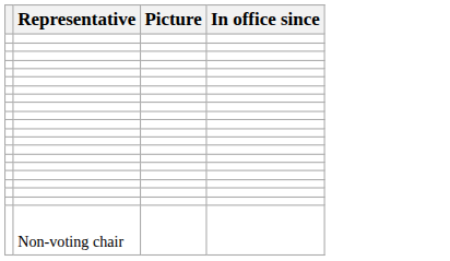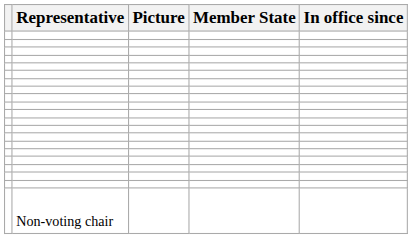 <table class="wikitable sortable"  style="background:white;;">
 <tr>
 <th align=left class=unsortable></th>
 <th align=left>Representative</th>
 <th align=left width=50px class=unsortable>Picture</th>
+<th align=left>Member State</th>
 <th align=left>In office since</th>
 </tr>
 <tr>
 <td style="background-color: "></td>
 <td></td>
 <td align=center></td>
 <td></td>
-</tr>
-<tr>
-<td style="background-color: "></td>
-<td></td>
-<td align=center></td>
 <td></td>
 </tr>
 <tr>
 <td style="background-color: "></td>
 <td></td>
 <td align=center></td>
 <td></td>
-</tr>
-<tr>
-<td style="background-color: "></td>
-<td></td>
-<td align=center></td>
 <td></td>
 </tr>
 <tr>
 <td style="background-color: "></td>
 <td></td>
 <td align=center></td>
 <td></td>
-</tr>
-<tr>
-<td style="background-color: "></td>
-<td></td>
-<td align=center></td>
 <td></td>
 </tr>
 <tr>
 <td style="background-color: "></td>
 <td></td>
 <td align=center></td>
 <td></td>
-</tr>
-<tr>
-<td style="background-color: "></td>
-<td></td>
-<td align=center></td>
 <td></td>
 </tr>
 <tr>
 <td style="background-color: "></td>
 <td></td>
 <td align=center></td>
 <td></td>
+<td></td>
 </tr>
 <tr>
 <td style="background-color: "></td>
 <td></td>
 <td align=center></td>
+<td></td>
+<td></td>
+</tr>
+<tr>
+<td style="background-color: "></td>
+<td></td>
+<td align=center></td>
+<td></td>
+<td></td>
+</tr>
+<tr>
+<td style="background-color: "></td>
+<td></td>
+<td align=center></td>
+<td></td>
+<td></td>
+</tr>
+<tr>
+<td style="background-color: "></td>
+<td></td>
+<td align=center></td>
+<td></td>
+<td></td>
+</tr>
+<tr>
+<td style="background-color: "></td>
+<td></td>
+<td align=center></td>
+<td></td>
 <td></td>
 </tr>
 <tr>
 <td style="background:"></td>
 <td></td>
 <td align=center></td>
 <td></td>
-</tr>
-<tr>
-<td style="background-color: "></td>
-<td></td>
-<td align=center></td>
 <td></td>
 </tr>
 <tr>
 <td style="background-color: "></td>
 <td></td>
 <td align=center></td>
 <td></td>
-</tr>
-<tr>
-<td style="background-color: "></td>
-<td></td>
-<td align=center></td>
 <td></td>
 </tr>
 <tr>
 <td style="background-color: "></td>
 <td></td>
 <td align=center></td>
 <td></td>
-</tr>
-<tr>
-<td style="background-color: "></td>
-<td></td>
-<td align=center></td>
 <td></td>
 </tr>
 <tr>
 <td style="background-color: "></td>
 <td></td>
 <td align=center></td>
 <td></td>
-</tr>
-<tr>
-<td style="background-color: "></td>
-<td></td>
-<td align=center></td>
 <td></td>
 </tr>
 <tr>
 <td style="background-color: "></td>
 <td></td>
 <td align=center></td>
 <td></td>
+<td></td>
 </tr>
 <tr>
 <td style="background-color: "></td>
 <td></td>
 <td align=center></td>
+<td></td>
+<td></td>
+</tr>
+<tr>
+<td style="background-color: "></td>
+<td></td>
+<td align=center></td>
+<td></td>
+<td></td>
+</tr>
+<tr>
+<td style="background-color: "></td>
+<td></td>
+<td align=center></td>
+<td></td>
+<td></td>
+</tr>
+<tr>
+<td style="background-color: "></td>
+<td></td>
+<td align=center></td>
+<td></td>
+<td></td>
+</tr>
+<tr>
+<td style="background-color: "></td>
+<td></td>
+<td align=center></td>
+<td></td>
 <td></td>
 </tr>
 <tr>
 <td style="background-color: "></td>
 <td><br><small>Non-voting chair</small></td>
 <td align=center></td>
 <td></td>
+<td></td>
 </tr>
 </table>
